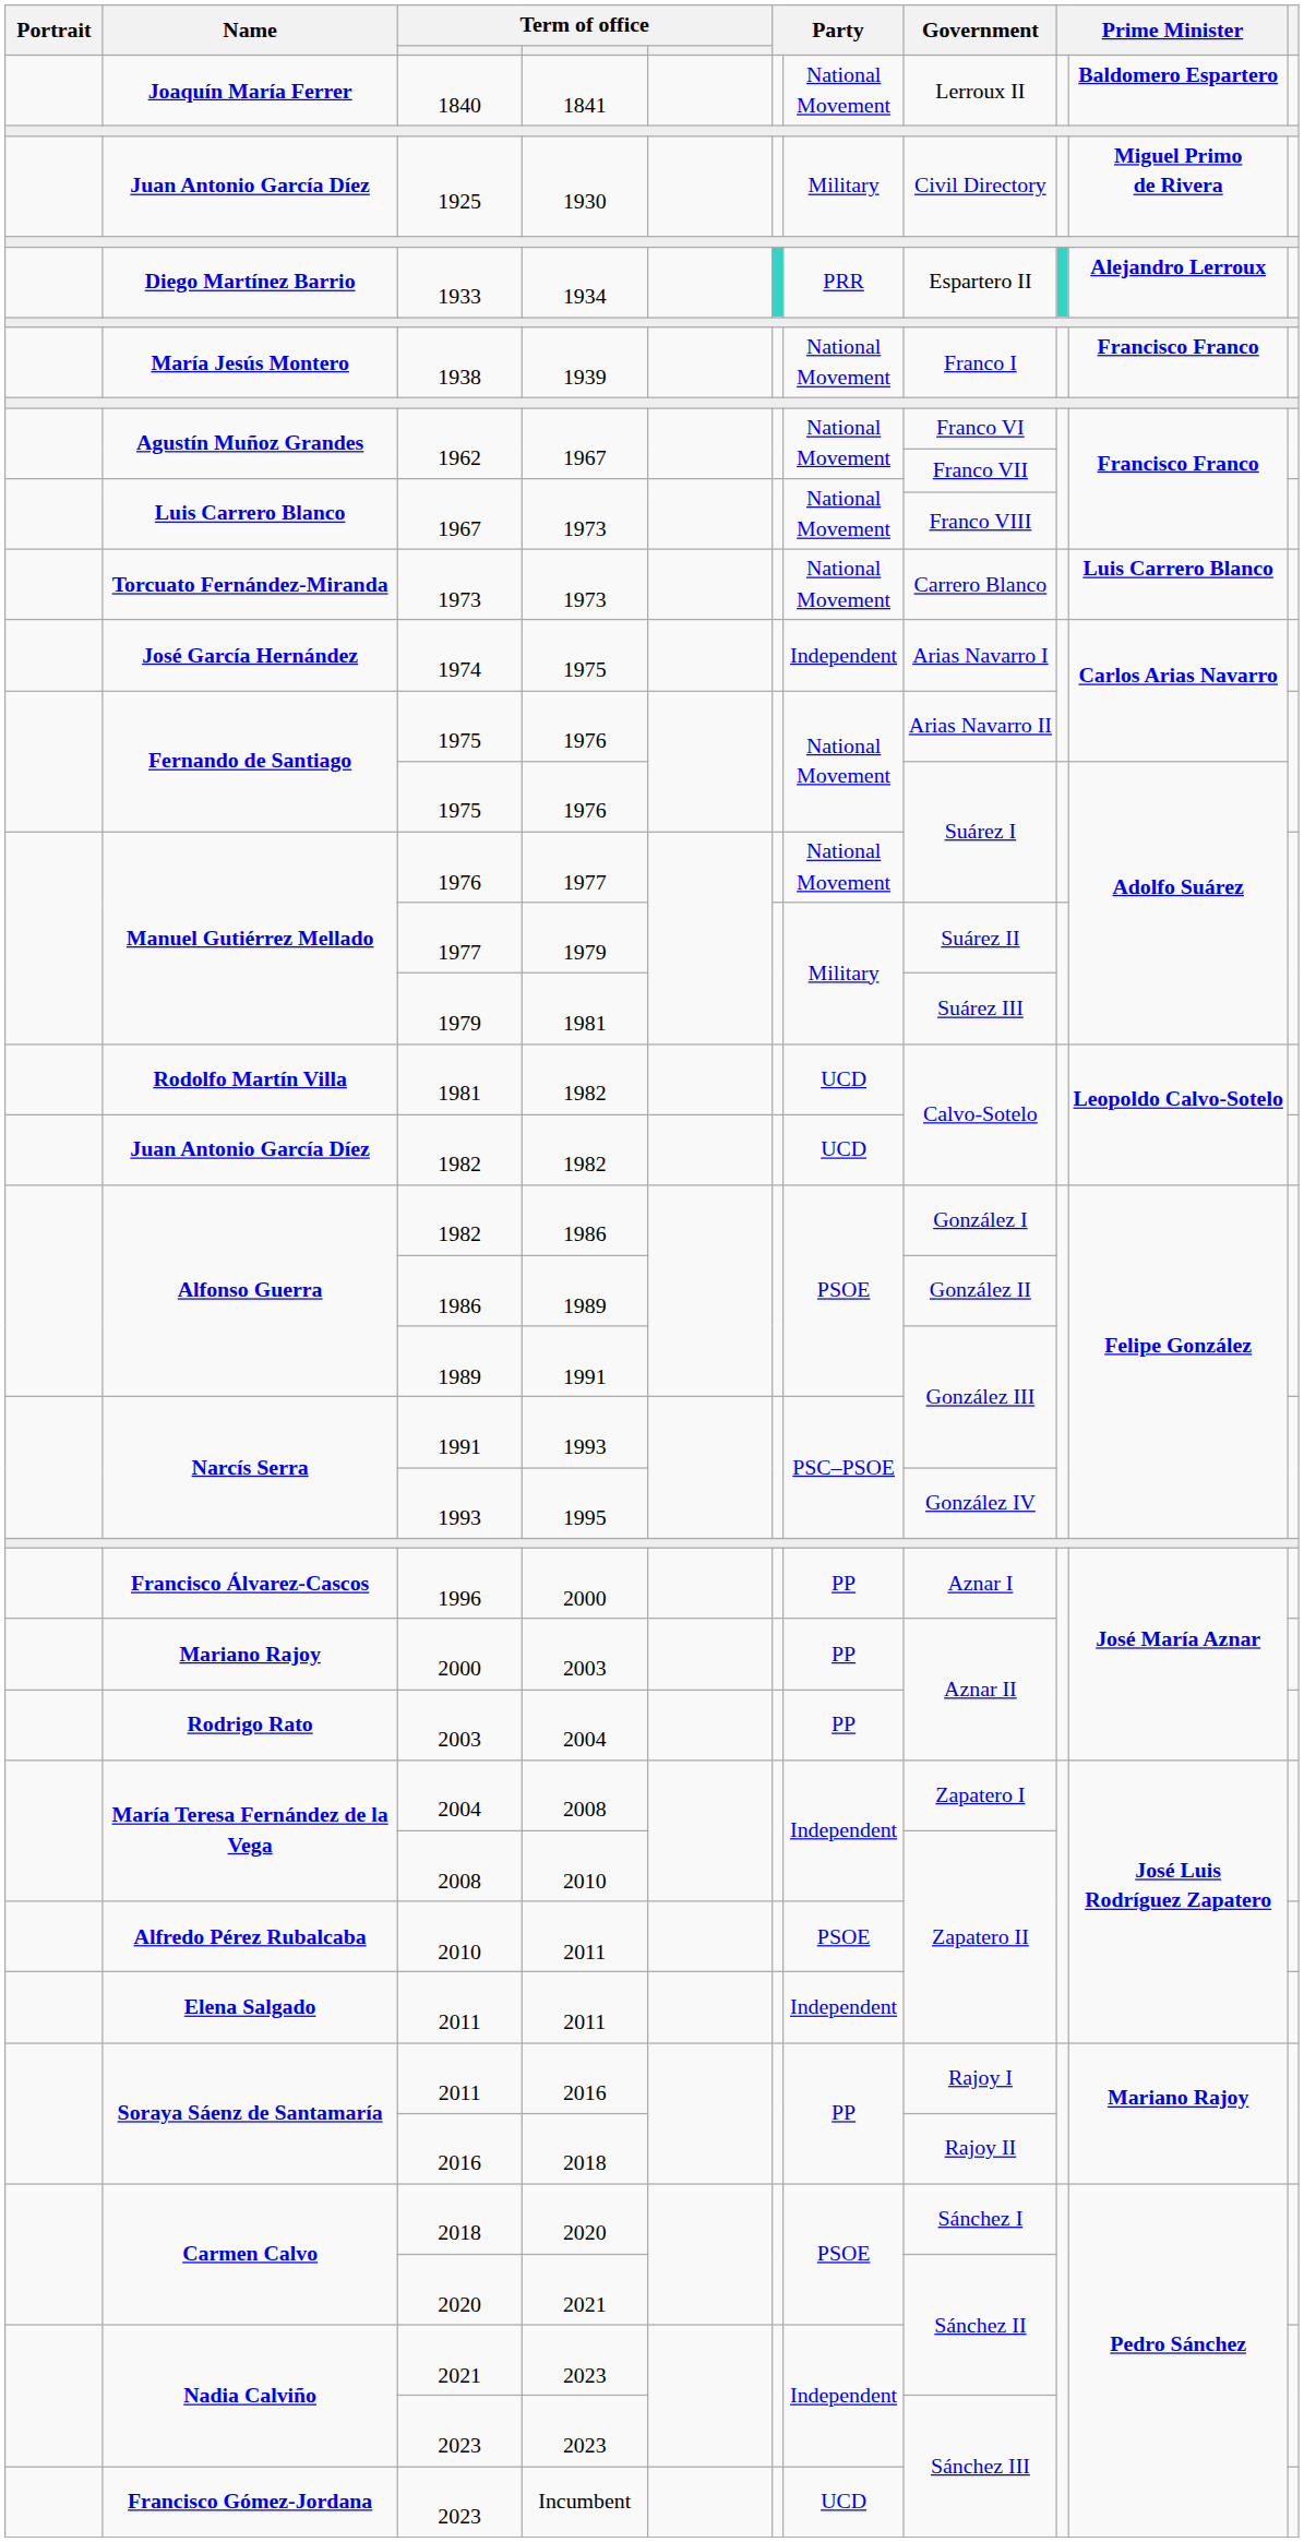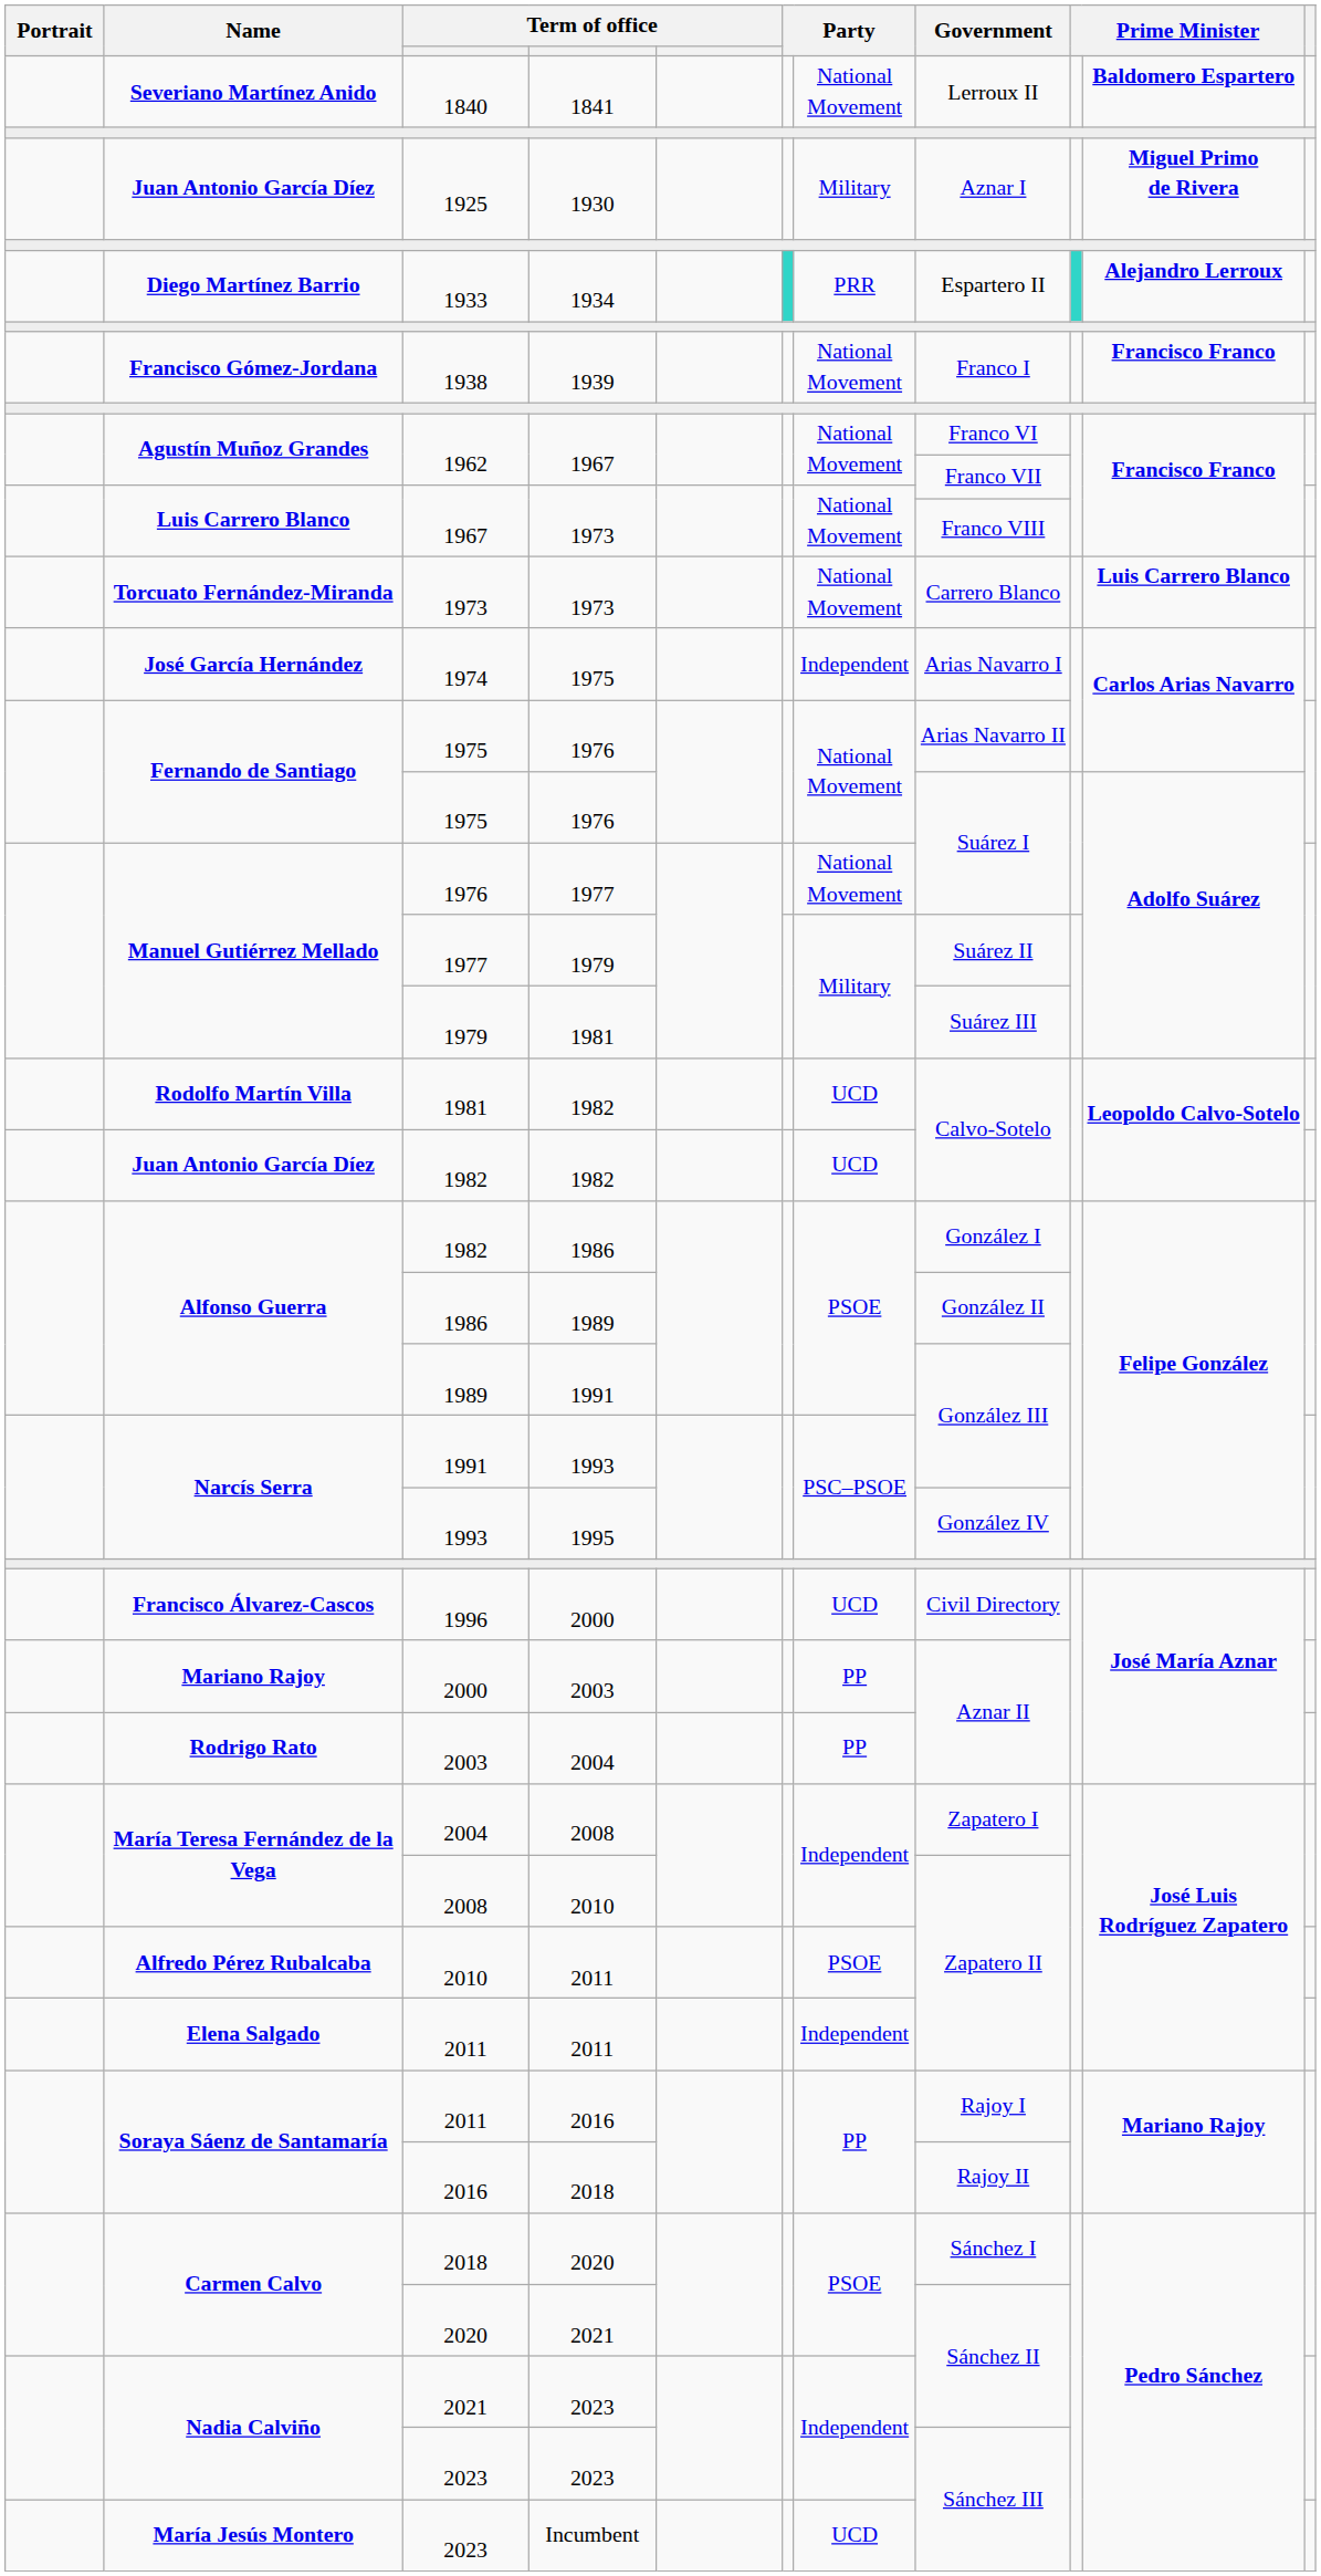 <table class="wikitable" style="line-height:1.4em; text-align:center; border:1px #aaf solid;">
 <tr>
 <th rowspan="2" width="65">Portrait</th>
 <th rowspan="2" width="210">Name<br></th>
 <th colspan="3">Term of office</th>
 <th rowspan="2" colspan="2" width="90">Party</th>
 <th rowspan="2">Government</th>
 <th rowspan="2" colspan="2"><a href='#'>Prime Minister</a><br></th>
 <th rowspan="2"></th>
 </tr>
 <tr>
 <th width="85"></th>
 <th width="85"></th>
 <th width="85"></th>
 </tr>
 <tr>
 <td></td>
-<td><strong><a href='#'>Joaquín María Ferrer</a></strong><br></td>
+<td><strong><a href='#'>Severiano Martínez Anido</a></strong><br></td>
 <td class="nowrap"><br>1840</td>
 <td class="nowrap"><br>1841</td>
 <td style="font-size:95%;"></td>
 <td width="1" style="color:inherit;background:"></td>
 <td><a href='#'>National<br>Movement</a><br></td>
 <td>Lerroux II</td>
 <td width="1" style="color:inherit;background:"></td>
 <td><strong><a href='#'>Baldomero Espartero</a></strong><br><br></td>
 <td><br></td>
 </tr>
 <tr>
 <td colspan="11" style="background:#EEEEEE;"></td>
 </tr>
 <tr>
 <td></td>
 <td><strong><a href='#'>Juan Antonio García Díez</a></strong><br></td>
 <td class="nowrap"><br>1925</td>
 <td class="nowrap"><br>1930</td>
 <td style="font-size:95%;"></td>
 <td style="color:inherit;background:"></td>
 <td><a href='#'>Military</a></td>
-<td><a href='#'>Civil Directory</a></td>
+<td><a href='#'>Aznar I</a></td>
 <td style="color:inherit;background:"></td>
 <td><strong><a href='#'>Miguel Primo<br>de Rivera</a></strong><br><br></td>
 <td><br></td>
 </tr>
 <tr>
 <td colspan="11" style="background:#EEEEEE;"></td>
 </tr>
 <tr>
 <td></td>
 <td><strong><a href='#'>Diego Martínez Barrio</a></strong><br></td>
 <td class="nowrap"><br>1933</td>
 <td class="nowrap"><br>1934</td>
 <td style="font-size:95%;"></td>
 <td style="background:#30D5C8;"></td>
 <td><a href='#'>PRR</a></td>
 <td>Espartero II</td>
 <td style="background:#30D5C8;"></td>
 <td><strong><a href='#'>Alejandro Lerroux</a></strong><br><br></td>
 <td><br></td>
 </tr>
 <tr>
 <td colspan="11" style="background:#EEEEEE;"></td>
 </tr>
 <tr>
 <td></td>
-<td><strong><a href='#'>María Jesús Montero</a></strong><br></td>
+<td><strong><a href='#'>Francisco Gómez-Jordana</a></strong><br></td>
 <td class="nowrap"><br>1938</td>
 <td class="nowrap"><br>1939</td>
 <td style="font-size:95%;"></td>
 <td style="color:inherit;background:"></td>
 <td><a href='#'>National<br>Movement</a><br></td>
 <td><a href='#'>Franco I</a></td>
 <td style="color:inherit;background:"></td>
 <td><strong><a href='#'>Francisco Franco</a></strong><br><br></td>
 <td><br></td>
 </tr>
 <tr>
 <td colspan="11" style="background:#EEEEEE;"></td>
 </tr>
 <tr>
 <td rowspan="2"></td>
 <td rowspan="2"><strong><a href='#'>Agustín Muñoz Grandes</a></strong><br></td>
 <td rowspan="2" class="nowrap"><br>1962</td>
 <td rowspan="2" class="nowrap"><br>1967</td>
 <td rowspan="2" style="font-size:95%;"></td>
 <td rowspan="2" style="color:inherit;background:"></td>
 <td rowspan="2"><a href='#'>National<br>Movement</a><br></td>
 <td><a href='#'>Franco VI</a></td>
 <td rowspan="4" style="color:inherit;background:"></td>
 <td rowspan="4"><strong><a href='#'>Francisco Franco</a></strong><br><br></td>
 <td rowspan="2"><br></td>
 </tr>
 <tr>
 <td rowspan="2"><a href='#'>Franco VII</a></td>
 </tr>
 <tr>
 <td rowspan="2"></td>
 <td rowspan="2"><strong><a href='#'>Luis Carrero Blanco</a></strong><br></td>
 <td rowspan="2" class="nowrap"><br>1967</td>
 <td rowspan="2" class="nowrap"><br>1973</td>
 <td rowspan="2" style="font-size:95%;"></td>
 <td rowspan="2" style="color:inherit;background:"></td>
 <td rowspan="2"><a href='#'>National<br>Movement</a><br></td>
 <td rowspan="2"><br></td>
 </tr>
 <tr>
 <td><a href='#'>Franco VIII</a></td>
 </tr>
 <tr>
 <td></td>
 <td><strong><a href='#'>Torcuato Fernández-Miranda</a></strong><br></td>
 <td class="nowrap"><br>1973</td>
 <td class="nowrap"><br>1973</td>
 <td style="font-size:95%;"></td>
 <td style="color:inherit;background:"></td>
 <td><a href='#'>National<br>Movement</a><br></td>
 <td><a href='#'>Carrero Blanco</a></td>
 <td style="color:inherit;background:"></td>
 <td><strong><a href='#'>Luis Carrero Blanco</a></strong><br><br></td>
 <td></td>
 </tr>
 <tr>
 <td></td>
 <td><strong><a href='#'>José García Hernández</a></strong><br></td>
 <td class="nowrap"><br>1974</td>
 <td class="nowrap"><br>1975</td>
 <td style="font-size:95%;"></td>
 <td style="color:inherit;background:"></td>
 <td><a href='#'>Independent</a></td>
 <td><a href='#'>Arias Navarro I</a></td>
 <td rowspan="2" style="color:inherit;background:"></td>
 <td rowspan="2"><strong><a href='#'>Carlos Arias Navarro</a></strong><br><br></td>
 <td align="center"><br></td>
 </tr>
 <tr>
 <td rowspan="2"></td>
 <td rowspan="2"><strong><a href='#'>Fernando de Santiago</a></strong><br></td>
 <td class="nowrap"><br>1975</td>
 <td class="nowrap"><br>1976</td>
 <td rowspan="2" style="font-size:95%;"></td>
 <td rowspan="2" style="color:inherit;background:"></td>
 <td rowspan="2"><a href='#'>National<br>Movement</a><br></td>
 <td><a href='#'>Arias Navarro II</a></td>
 <td rowspan="2" align="center"><br><br></td>
 </tr>
 <tr>
 <td class="nowrap"><br>1975</td>
 <td class="nowrap"><br>1976</td>
 <td rowspan="2"><a href='#'>Suárez I</a></td>
 <td rowspan="2" style="color:inherit;background:"></td>
 <td rowspan="4"><strong><a href='#'>Adolfo Suárez</a></strong><br><br></td>
 </tr>
 <tr>
 <td rowspan="3"></td>
 <td rowspan="3"><strong><a href='#'>Manuel Gutiérrez Mellado</a></strong><br></td>
 <td class="nowrap"><br>1976</td>
 <td class="nowrap"><br>1977</td>
 <td rowspan="3" style="font-size:95%;"></td>
 <td style="color:inherit;background:"></td>
 <td><a href='#'>National<br>Movement</a><br></td>
 <td rowspan="3" align="center"><br><br><br></td>
 </tr>
 <tr>
 <td class="nowrap"><br>1977</td>
 <td class="nowrap"><br>1979</td>
 <td rowspan="2" style="color:inherit;background:"></td>
 <td rowspan="2"><a href='#'>Military</a></td>
 <td><a href='#'>Suárez II</a></td>
 <td rowspan="2" style="color:inherit;background:"></td>
 </tr>
 <tr>
 <td class="nowrap"><br>1979</td>
 <td class="nowrap"><br>1981</td>
 <td><a href='#'>Suárez III</a></td>
 </tr>
 <tr>
 <td></td>
 <td><strong><a href='#'>Rodolfo Martín Villa</a></strong><br></td>
 <td class="nowrap"><br>1981</td>
 <td class="nowrap"><br>1982</td>
 <td style="font-size:95%;"></td>
 <td style="color:inherit;background:"></td>
 <td><a href='#'>UCD</a></td>
 <td rowspan="2"><a href='#'>Calvo-Sotelo</a></td>
 <td rowspan="2" style="color:inherit;background:"></td>
 <td rowspan="2"><strong><a href='#'>Leopoldo Calvo-Sotelo</a></strong><br><br></td>
 <td align="center"><br></td>
 </tr>
 <tr>
 <td></td>
 <td><strong><a href='#'>Juan Antonio García Díez</a></strong><br></td>
 <td class="nowrap"><br>1982</td>
 <td class="nowrap"><br>1982</td>
 <td style="font-size:95%;"></td>
 <td style="color:inherit;background:"></td>
 <td><a href='#'>UCD</a></td>
 <td align="center"><br></td>
 </tr>
 <tr>
 <td rowspan="3"></td>
 <td rowspan="3"><strong><a href='#'>Alfonso Guerra</a></strong><br></td>
 <td class="nowrap"><br>1982</td>
 <td class="nowrap"><br>1986</td>
 <td rowspan="3" style="font-size:95%;"></td>
 <td rowspan="3" style="color:inherit;background:"></td>
 <td rowspan="3"><a href='#'>PSOE</a></td>
 <td><a href='#'>González I</a></td>
 <td rowspan="5" style="color:inherit;background:"></td>
 <td rowspan="5"><strong><a href='#'>Felipe González</a></strong><br><br></td>
 <td rowspan="3" align="center"><br><br><br></td>
 </tr>
 <tr>
 <td class="nowrap"><br>1986</td>
 <td class="nowrap"><br>1989</td>
 <td><a href='#'>González II</a></td>
 </tr>
 <tr>
 <td class="nowrap"><br>1989</td>
 <td class="nowrap"><br>1991</td>
 <td rowspan="2"><a href='#'>González III</a></td>
 </tr>
 <tr>
 <td rowspan="2"></td>
 <td rowspan="2"><strong><a href='#'>Narcís Serra</a></strong><br></td>
 <td class="nowrap"><br>1991</td>
 <td class="nowrap"><br>1993</td>
 <td rowspan="2" style="font-size:95%;"></td>
 <td rowspan="2" style="color:inherit;background-color:"></td>
 <td rowspan="2"><a href='#'>PSC–PSOE</a></td>
 <td rowspan="2" align="center"><br><br></td>
 </tr>
 <tr>
 <td class="nowrap"><br>1993</td>
 <td class="nowrap"><br>1995</td>
 <td><a href='#'>González IV</a></td>
 </tr>
 <tr>
 <td colspan="11" style="background:#EEEEEE;"></td>
 </tr>
 <tr>
 <td></td>
 <td><strong><a href='#'>Francisco Álvarez-Cascos</a></strong><br></td>
 <td class="nowrap"><br>1996</td>
 <td class="nowrap"><br>2000</td>
 <td style="font-size:95%;"></td>
 <td style="color:inherit;background:"></td>
-<td><a href='#'>PP</a></td>
-<td><a href='#'>Aznar I</a></td>
+<td><a href='#'>UCD</a></td>
+<td><a href='#'>Civil Directory</a></td>
 <td rowspan="3" style="color:inherit;background:"></td>
 <td rowspan="3"><strong><a href='#'>José María Aznar</a></strong><br><br></td>
 <td align="center"><br></td>
 </tr>
 <tr>
 <td></td>
 <td><strong><a href='#'>Mariano Rajoy</a></strong><br></td>
 <td class="nowrap"><br>2000</td>
 <td class="nowrap"><br>2003</td>
 <td style="font-size:95%;"></td>
 <td style="color:inherit;background:"></td>
 <td><a href='#'>PP</a></td>
 <td rowspan="2"><a href='#'>Aznar II</a></td>
 <td align="center"><br></td>
 </tr>
 <tr>
 <td></td>
 <td><strong><a href='#'>Rodrigo Rato</a></strong><br></td>
 <td class="nowrap"><br>2003</td>
 <td class="nowrap"><br>2004</td>
 <td style="font-size:95%;"></td>
 <td style="color:inherit;background:"></td>
 <td><a href='#'>PP</a></td>
 <td align="center"><br></td>
 </tr>
 <tr>
 <td rowspan="2"></td>
 <td rowspan="2"><strong><a href='#'>María Teresa Fernández de la Vega</a></strong><br></td>
 <td class="nowrap"><br>2004</td>
 <td class="nowrap"><br>2008</td>
 <td rowspan="2" style="font-size:95%;"></td>
 <td rowspan="2" style="color:inherit;background:"></td>
 <td rowspan="2"><a href='#'>Independent</a></td>
 <td><a href='#'>Zapatero I</a></td>
 <td rowspan="4" style="color:inherit;background:"></td>
 <td rowspan="4"><strong><a href='#'>José Luis<br>Rodríguez Zapatero</a></strong><br><br></td>
 <td rowspan="2" align="center"><br><br></td>
 </tr>
 <tr>
 <td class="nowrap"><br>2008</td>
 <td class="nowrap"><br>2010</td>
 <td rowspan="3"><a href='#'>Zapatero II</a></td>
 </tr>
 <tr>
 <td></td>
 <td><strong><a href='#'>Alfredo Pérez Rubalcaba</a></strong><br></td>
 <td class="nowrap"><br>2010</td>
 <td class="nowrap"><br>2011</td>
 <td style="font-size:95%;"></td>
 <td style="color:inherit;background:"></td>
 <td><a href='#'>PSOE</a></td>
 <td align="center"><br></td>
 </tr>
 <tr>
 <td></td>
 <td><strong><a href='#'>Elena Salgado</a></strong><br></td>
 <td class="nowrap"><br>2011</td>
 <td class="nowrap"><br>2011</td>
 <td style="font-size:95%;"></td>
 <td style="color:inherit;background:"></td>
 <td><a href='#'>Independent</a></td>
 <td align="center"><br></td>
 </tr>
 <tr>
 <td rowspan="2"></td>
 <td rowspan="2"><strong><a href='#'>Soraya Sáenz de Santamaría</a></strong><br></td>
 <td class="nowrap"><br>2011</td>
 <td class="nowrap"><br>2016</td>
 <td rowspan="2" style="font-size:95%;"></td>
 <td rowspan="2" style="color:inherit;background:"></td>
 <td rowspan="2"><a href='#'>PP</a></td>
 <td><a href='#'>Rajoy I</a></td>
 <td rowspan="2" style="color:inherit;background:"></td>
 <td rowspan="2"><strong><a href='#'>Mariano Rajoy</a></strong><br><br></td>
 <td rowspan="2" align="center"><br><br></td>
 </tr>
 <tr>
 <td class="nowrap"><br>2016</td>
 <td class="nowrap"><br>2018</td>
 <td><a href='#'>Rajoy II</a></td>
 </tr>
 <tr>
 <td rowspan="2"></td>
 <td rowspan="2"><strong><a href='#'>Carmen Calvo</a></strong><br></td>
 <td class="nowrap"><br>2018</td>
 <td class="nowrap"><br>2020</td>
 <td rowspan="2" style="font-size:95%;"></td>
 <td rowspan="2" style="color:inherit;background:"></td>
 <td rowspan="2"><a href='#'>PSOE</a></td>
 <td><a href='#'>Sánchez I</a></td>
 <td rowspan="5" style="color:inherit;background:"></td>
 <td rowspan="5"><strong><a href='#'>Pedro Sánchez</a></strong><br><br></td>
 <td rowspan="2" align="center"><br><br></td>
 </tr>
 <tr>
 <td class="nowrap"><br>2020</td>
 <td class="nowrap"><br>2021</td>
 <td rowspan="2"><a href='#'>Sánchez II</a></td>
 </tr>
 <tr>
 <td rowspan="2"></td>
 <td rowspan="2"><strong><a href='#'>Nadia Calviño</a></strong><br></td>
 <td class="nowrap"><br>2021</td>
 <td class="nowrap"><br>2023</td>
 <td rowspan="2" style="font-size:95%;"></td>
 <td rowspan="2" style="color:inherit;background-color:"></td>
 <td rowspan="2"><a href='#'>Independent</a></td>
 <td rowspan="2" align="center"><br><br></td>
 </tr>
 <tr>
 <td class="nowrap"><br>2023</td>
 <td class="nowrap"><br>2023</td>
 <td rowspan="2"><a href='#'>Sánchez III</a></td>
 </tr>
 <tr>
 <td></td>
-<td><strong><a href='#'>Francisco Gómez-Jordana</a></strong><br></td>
+<td><strong><a href='#'>María Jesús Montero</a></strong><br></td>
 <td class="nowrap"><br>2023</td>
 <td class="nowrap">Incumbent</td>
 <td style="font-size:95%;"></td>
 <td style="color:inherit;background:"></td>
 <td><a href='#'>UCD</a></td>
 <td align="center"></td>
 </tr>
 </table>
